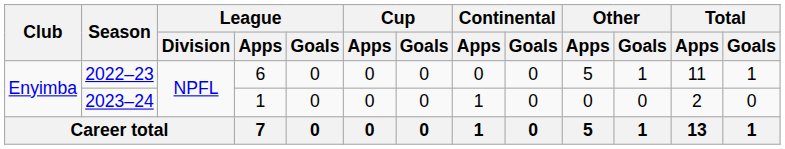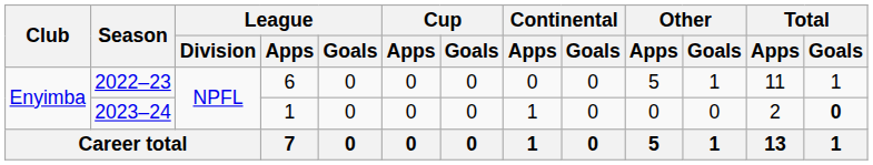 <table class=wikitable style=text-align:center>
 <tr>
 <th rowspan="2">Club</th>
 <th rowspan="2">Season</th>
 <th colspan="3">League</th>
 <th colspan="2">Cup</th>
 <th colspan="2">Continental</th>
 <th colspan="2">Other</th>
 <th colspan="2">Total</th>
 </tr>
 <tr>
 <th>Division</th>
 <th>Apps</th>
 <th>Goals</th>
 <th>Apps</th>
 <th>Goals</th>
 <th>Apps</th>
 <th>Goals</th>
 <th>Apps</th>
 <th>Goals</th>
 <th>Apps</th>
 <th>Goals</th>
 </tr>
 <tr>
 <td rowspan="2"><a href='#'>Enyimba</a></td>
 <td><a href='#'>2022–23</a></td>
 <td rowspan="2"><a href='#'>NPFL</a></td>
 <td>6</td>
 <td>0</td>
 <td>0</td>
 <td>0</td>
 <td>0</td>
 <td>0</td>
 <td>5</td>
 <td>1</td>
 <td>11</td>
 <td>1</td>
 </tr>
 <tr>
 <td><a href='#'>2023–24</a></td>
 <td>1</td>
 <td>0</td>
 <td>0</td>
 <td>0</td>
 <td>1</td>
 <td>0</td>
 <td>0</td>
 <td>0</td>
 <td>2</td>
-<td>0</td>
+<td><strong>0</strong></td>
 </tr>
 <tr>
 <th colspan="3"><strong>Career total</strong></th>
 <th>7</th>
 <th>0</th>
 <th>0</th>
 <th>0</th>
 <th>1</th>
 <th>0</th>
 <th>5</th>
 <th>1</th>
 <th>13</th>
 <th>1</th>
 </tr>
 </table>
